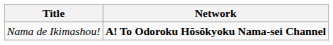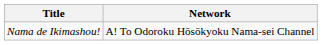 <table class="wikitable">
 <tr>
 <th>Title</th>
 <th>Network</th>
 </tr>
 <tr>
 <td><em>Nama de Ikimashou!</em></td>
-<td><strong>A! To Odoroku Hōsōkyoku Nama-sei Channel</strong></td>
+<td>A! To Odoroku Hōsōkyoku Nama-sei Channel</td>
 </tr>
 </table>
